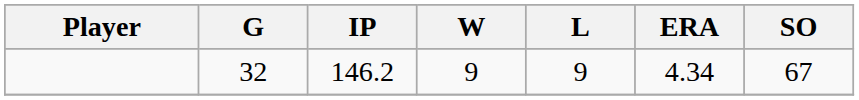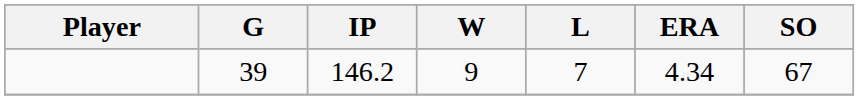 <table class="wikitable sortable">
 <tr>
 <th bgcolor="#DDDDFF" width="16%">Player</th>
 <th bgcolor="#DDDDFF" width="9%">G</th>
 <th bgcolor="#DDDDFF" width="9%">IP</th>
 <th bgcolor="#DDDDFF" width="9%">W</th>
 <th bgcolor="#DDDDFF" width="9%">L</th>
 <th bgcolor="#DDDDFF" width="9%">ERA</th>
 <th bgcolor="#DDDDFF" width="9%">SO</th>
 </tr>
 <tr align="center">
 <td></td>
-<td>32</td>
+<td>39</td>
 <td>146.2</td>
 <td>9</td>
-<td>9</td>
+<td>7</td>
 <td>4.34</td>
 <td>67</td>
 </tr>
 <tr align="center">
 </tr>
 </table>
